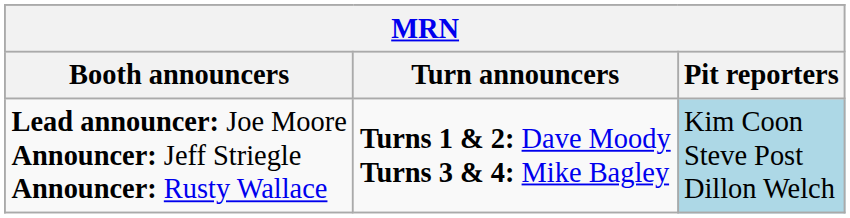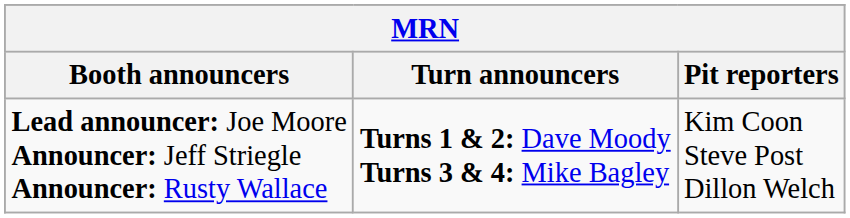 <table class="wikitable" style="font-size: 95%;">
 <tr>
 <th colspan="3"><a href='#'>MRN</a></th>
 </tr>
 <tr>
 <th>Booth announcers</th>
 <th>Turn announcers</th>
 <th>Pit reporters</th>
 </tr>
 <tr>
 <td><strong>Lead announcer:</strong> Joe Moore<br><strong>Announcer:</strong> Jeff Striegle<br><strong>Announcer:</strong> <a href='#'>Rusty Wallace</a></td>
 <td><strong>Turns 1 & 2:</strong> <a href='#'>Dave Moody</a><br><strong>Turns 3 & 4:</strong> <a href='#'>Mike Bagley</a></td>
-<td style="background: lightblue;">Kim Coon<br>Steve Post<br>Dillon Welch</td>
+<td>Kim Coon<br>Steve Post<br>Dillon Welch</td>
 </tr>
 </table>
